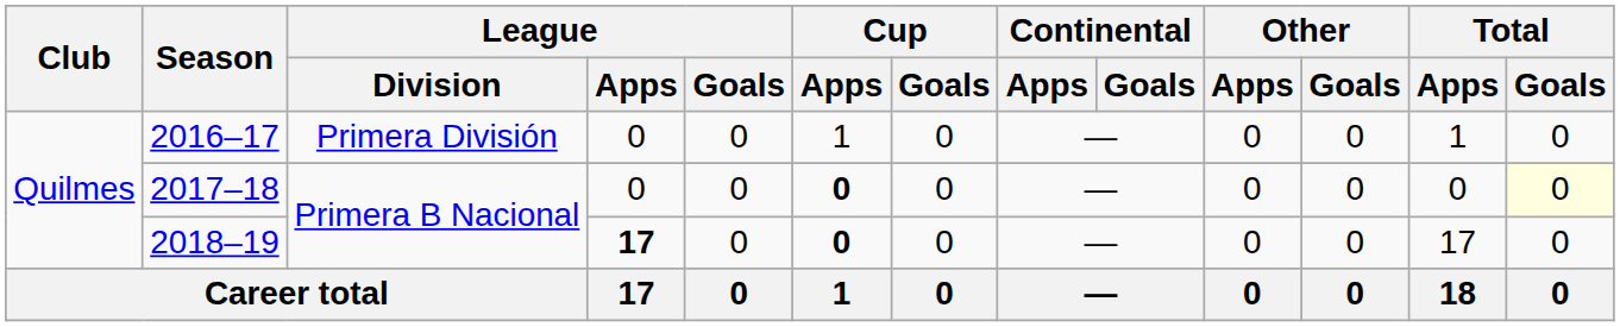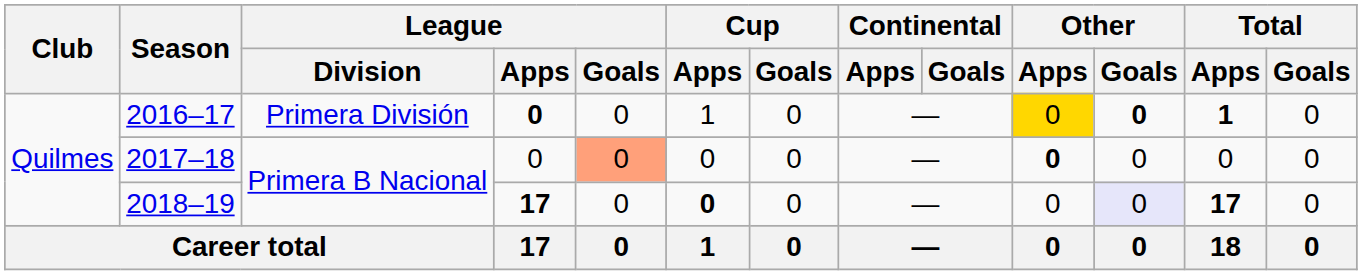 <table class="wikitable" style="text-align:center">
 <tr>
 <th rowspan="2">Club</th>
 <th rowspan="2">Season</th>
 <th colspan="3">League</th>
 <th colspan="2">Cup</th>
 <th colspan="2">Continental</th>
 <th colspan="2">Other</th>
 <th colspan="2">Total</th>
 </tr>
 <tr>
 <th>Division</th>
 <th>Apps</th>
 <th>Goals</th>
 <th>Apps</th>
 <th>Goals</th>
 <th>Apps</th>
 <th>Goals</th>
 <th>Apps</th>
 <th>Goals</th>
 <th>Apps</th>
 <th>Goals</th>
 </tr>
 <tr>
 <td rowspan="3"><a href='#'>Quilmes</a></td>
 <td><a href='#'>2016–17</a></td>
 <td rowspan="1"><a href='#'>Primera División</a></td>
-<td>0</td>
+<td><strong>0</strong></td>
 <td>0</td>
 <td>1</td>
 <td>0</td>
 <td colspan="2">—</td>
-<td>0</td>
-<td>0</td>
-<td>1</td>
+<td style="background: gold;">0</td>
+<td><strong>0</strong></td>
+<td><strong>1</strong></td>
 <td>0</td>
 </tr>
 <tr>
 <td><a href='#'>2017–18</a></td>
 <td rowspan="2"><a href='#'>Primera B Nacional</a></td>
 <td>0</td>
+<td style="background: lightsalmon;">0</td>
 <td>0</td>
-<td><strong>0</strong></td>
 <td>0</td>
 <td colspan="2">—</td>
+<td><strong>0</strong></td>
 <td>0</td>
 <td>0</td>
 <td>0</td>
-<td style="background: lightyellow;">0</td>
 </tr>
 <tr>
 <td><a href='#'>2018–19</a></td>
 <td><strong>17</strong></td>
 <td>0</td>
 <td><strong>0</strong></td>
 <td>0</td>
 <td colspan="2">—</td>
 <td>0</td>
-<td>0</td>
-<td>17</td>
+<td style="background: lavender;">0</td>
+<td><strong>17</strong></td>
 <td>0</td>
 </tr>
 <tr>
 <th colspan="3">Career total</th>
 <th>17</th>
 <th>0</th>
 <th>1</th>
 <th>0</th>
 <th colspan="2">—</th>
 <th>0</th>
 <th>0</th>
 <th>18</th>
 <th>0</th>
 </tr>
 </table>
